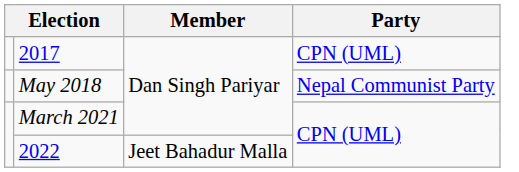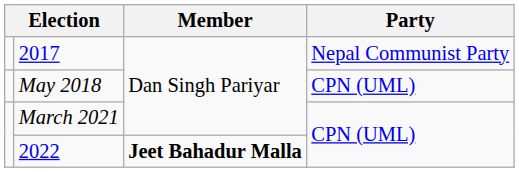 <table class="wikitable">
 <tr>
 <th colspan="2">Election</th>
 <th>Member</th>
 <th>Party</th>
 </tr>
 <tr>
 <td style="color:inherit;background:"></td>
 <td><a href='#'>2017</a></td>
 <td rowspan="3">Dan Singh Pariyar</td>
-<td><a href='#'>CPN (UML)</a></td>
+<td><a href='#'>Nepal Communist Party</a></td>
 </tr>
 <tr>
 <td style="color:inherit;background:"></td>
 <td><em>May 2018</em></td>
-<td><a href='#'>Nepal Communist Party</a></td>
+<td><a href='#'>CPN (UML)</a></td>
 </tr>
 <tr>
 <td rowspan="2" style="color:inherit;background:"></td>
 <td><em>March 2021</em></td>
 <td rowspan="2"><a href='#'>CPN (UML)</a></td>
 </tr>
 <tr>
 <td><a href='#'>2022</a></td>
-<td>Jeet Bahadur Malla</td>
+<td><strong>Jeet Bahadur Malla</strong></td>
 </tr>
 </table>
